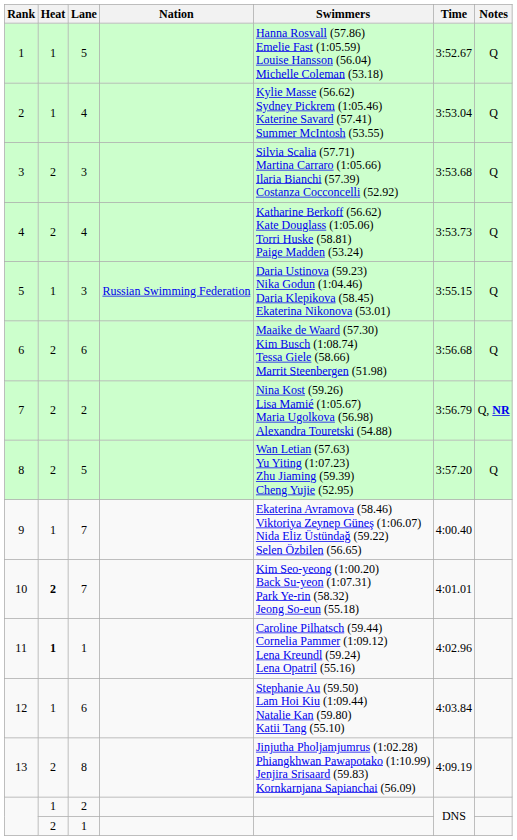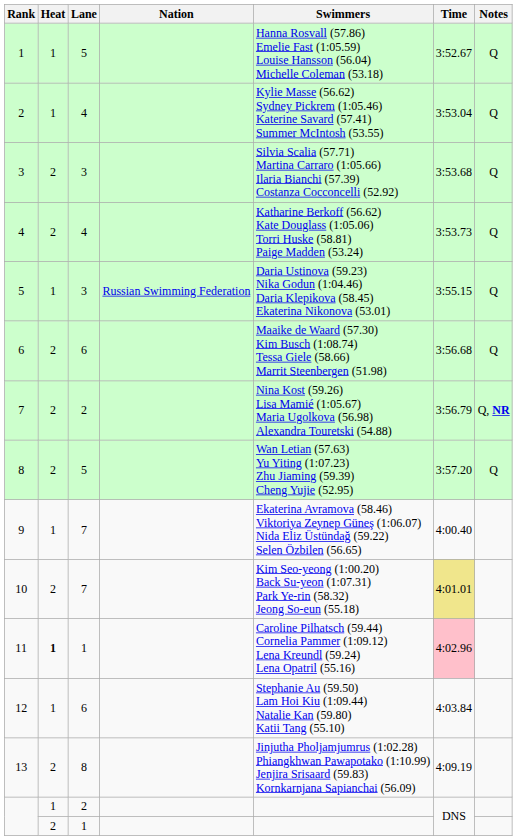 <table class="wikitable sortable" style="text-align:center">
 <tr>
 <th>Rank</th>
 <th>Heat</th>
 <th>Lane</th>
 <th>Nation</th>
 <th>Swimmers</th>
 <th>Time</th>
 <th>Notes</th>
 </tr>
 <tr bgcolor=ccffcc>
 <td>1</td>
 <td>1</td>
 <td>5</td>
 <td align=left></td>
 <td align=left><a href='#'>Hanna Rosvall</a> (57.86)<br><a href='#'>Emelie Fast</a> (1:05.59)<br><a href='#'>Louise Hansson</a> (56.04)<br><a href='#'>Michelle Coleman</a> (53.18)</td>
 <td>3:52.67</td>
 <td>Q</td>
 </tr>
 <tr bgcolor=ccffcc>
 <td>2</td>
 <td>1</td>
 <td>4</td>
 <td align=left></td>
 <td align=left><a href='#'>Kylie Masse</a> (56.62)<br><a href='#'>Sydney Pickrem</a> (1:05.46)<br><a href='#'>Katerine Savard</a> (57.41)<br><a href='#'>Summer McIntosh</a> (53.55)</td>
 <td>3:53.04</td>
 <td>Q</td>
 </tr>
 <tr bgcolor=ccffcc>
 <td>3</td>
 <td>2</td>
 <td>3</td>
 <td align=left></td>
 <td align=left><a href='#'>Silvia Scalia</a> (57.71)<br><a href='#'>Martina Carraro</a> (1:05.66)<br><a href='#'>Ilaria Bianchi</a> (57.39)<br><a href='#'>Costanza Cocconcelli</a> (52.92)</td>
 <td>3:53.68</td>
 <td>Q</td>
 </tr>
 <tr bgcolor=ccffcc>
 <td>4</td>
 <td>2</td>
 <td>4</td>
 <td align=left></td>
 <td align=left><a href='#'>Katharine Berkoff</a> (56.62)<br><a href='#'>Kate Douglass</a> (1:05.06)<br><a href='#'>Torri Huske</a> (58.81)<br><a href='#'>Paige Madden</a> (53.24)</td>
 <td>3:53.73</td>
 <td>Q</td>
 </tr>
 <tr bgcolor=ccffcc>
 <td>5</td>
 <td>1</td>
 <td>3</td>
 <td align=left><a href='#'>Russian Swimming Federation</a></td>
 <td align=left><a href='#'>Daria Ustinova</a> (59.23)<br><a href='#'>Nika Godun</a> (1:04.46)<br><a href='#'>Daria Klepikova</a> (58.45)<br><a href='#'>Ekaterina Nikonova</a> (53.01)</td>
 <td>3:55.15</td>
 <td>Q</td>
 </tr>
 <tr bgcolor=ccffcc>
 <td>6</td>
 <td>2</td>
 <td>6</td>
 <td align=left></td>
 <td align=left><a href='#'>Maaike de Waard</a> (57.30)<br><a href='#'>Kim Busch</a> (1:08.74)<br><a href='#'>Tessa Giele</a> (58.66)<br><a href='#'>Marrit Steenbergen</a> (51.98)</td>
 <td>3:56.68</td>
 <td>Q</td>
 </tr>
 <tr bgcolor=ccffcc>
 <td>7</td>
 <td>2</td>
 <td>2</td>
 <td align=left></td>
 <td align=left><a href='#'>Nina Kost</a> (59.26)<br><a href='#'>Lisa Mamié</a> (1:05.67)<br><a href='#'>Maria Ugolkova</a> (56.98)<br><a href='#'>Alexandra Touretski</a> (54.88)</td>
 <td>3:56.79</td>
 <td>Q, <strong><a href='#'>NR</a></strong></td>
 </tr>
 <tr bgcolor=ccffcc>
 <td>8</td>
 <td>2</td>
 <td>5</td>
 <td align=left></td>
 <td align=left><a href='#'>Wan Letian</a> (57.63)<br><a href='#'>Yu Yiting</a> (1:07.23)<br><a href='#'>Zhu Jiaming</a> (59.39)<br><a href='#'>Cheng Yujie</a> (52.95)</td>
 <td>3:57.20</td>
 <td>Q</td>
 </tr>
 <tr>
 <td>9</td>
 <td>1</td>
 <td>7</td>
 <td align=left></td>
 <td align=left><a href='#'>Ekaterina Avramova</a> (58.46)<br><a href='#'>Viktoriya Zeynep Güneş</a> (1:06.07)<br><a href='#'>Nida Eliz Üstündağ</a> (59.22)<br><a href='#'>Selen Özbilen</a> (56.65)</td>
 <td>4:00.40</td>
 <td></td>
 </tr>
 <tr>
 <td>10</td>
-<td><strong>2</strong></td>
+<td>2</td>
 <td>7</td>
 <td align=left></td>
 <td align=left><a href='#'>Kim Seo-yeong</a> (1:00.20)<br><a href='#'>Back Su-yeon</a> (1:07.31)<br><a href='#'>Park Ye-rin</a> (58.32)<br><a href='#'>Jeong So-eun</a> (55.18)</td>
-<td>4:01.01</td>
+<td style="background: khaki;">4:01.01</td>
 <td></td>
 </tr>
 <tr>
 <td>11</td>
 <td><strong>1</strong></td>
 <td>1</td>
 <td align=left></td>
 <td align=left><a href='#'>Caroline Pilhatsch</a> (59.44)<br><a href='#'>Cornelia Pammer</a> (1:09.12)<br><a href='#'>Lena Kreundl</a> (59.24)<br><a href='#'>Lena Opatril</a> (55.16)</td>
-<td>4:02.96</td>
+<td style="background: pink;">4:02.96</td>
 <td></td>
 </tr>
 <tr>
 <td>12</td>
 <td>1</td>
 <td>6</td>
 <td align=left></td>
 <td align=left><a href='#'>Stephanie Au</a> (59.50)<br><a href='#'>Lam Hoi Kiu</a> (1:09.44)<br><a href='#'>Natalie Kan</a> (59.80)<br><a href='#'>Katii Tang</a> (55.10)</td>
 <td>4:03.84</td>
 <td></td>
 </tr>
 <tr>
 <td>13</td>
 <td>2</td>
 <td>8</td>
 <td align=left></td>
 <td align=left><a href='#'>Jinjutha Pholjamjumrus</a> (1:02.28)<br><a href='#'>Phiangkhwan Pawapotako</a> (1:10.99)<br><a href='#'>Jenjira Srisaard</a> (59.83)<br><a href='#'>Kornkarnjana Sapianchai</a> (56.09)</td>
 <td>4:09.19</td>
 <td></td>
 </tr>
 <tr>
 <td rowspan=2></td>
 <td>1</td>
 <td>2</td>
 <td align=left></td>
 <td align=left></td>
 <td rowspan=2>DNS</td>
 <td></td>
 </tr>
 <tr>
 <td>2</td>
 <td>1</td>
 <td align=left></td>
 <td align=left></td>
 <td></td>
 </tr>
 </table>
